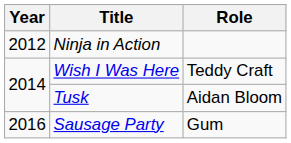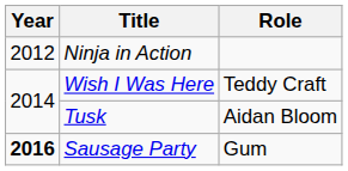 <table class="wikitable">
 <tr>
 <th>Year</th>
 <th>Title</th>
 <th>Role</th>
 </tr>
 <tr>
 <td>2012</td>
 <td><em>Ninja in Action</em></td>
 <td></td>
 </tr>
 <tr>
 <td rowspan="2">2014</td>
 <td><em><a href='#'>Wish I Was Here</a></em></td>
 <td>Teddy Craft</td>
 </tr>
 <tr>
 <td><em><a href='#'>Tusk</a></em></td>
 <td>Aidan Bloom</td>
 </tr>
 <tr>
-<td>2016</td>
+<td><strong>2016</strong></td>
 <td><em><a href='#'>Sausage Party</a></em></td>
 <td>Gum</td>
 </tr>
 </table>
